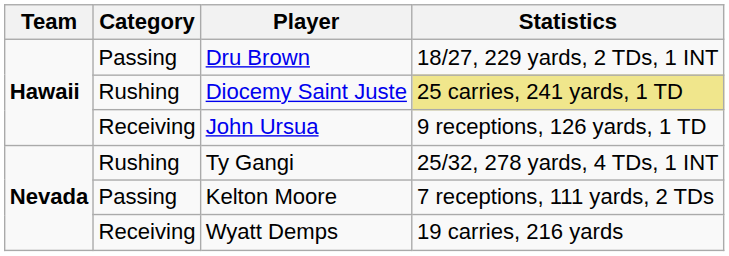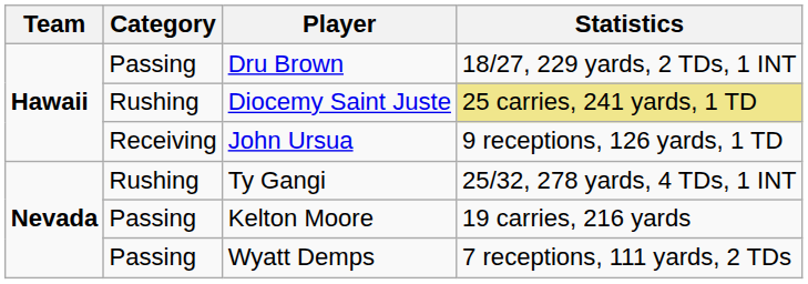 <table class="wikitable" style="float: left;">
 <tr>
 <th>Team</th>
 <th>Category</th>
 <th>Player</th>
 <th>Statistics</th>
 </tr>
 <tr>
 <td rowspan=3><strong>Hawaii</strong></td>
 <td>Passing</td>
 <td><a href='#'>Dru Brown</a></td>
 <td>18/27, 229 yards, 2 TDs, 1 INT</td>
 </tr>
 <tr>
 <td>Rushing</td>
 <td><a href='#'>Diocemy Saint Juste</a></td>
 <td style="background: khaki;">25 carries, 241 yards, 1 TD</td>
 </tr>
 <tr>
 <td>Receiving</td>
 <td><a href='#'>John Ursua</a></td>
 <td>9 receptions, 126 yards, 1 TD</td>
 </tr>
 <tr>
 <td rowspan=3><strong>Nevada</strong></td>
 <td>Rushing</td>
 <td>Ty Gangi</td>
 <td>25/32, 278 yards, 4 TDs, 1 INT</td>
 </tr>
 <tr>
 <td>Passing</td>
 <td>Kelton Moore</td>
+<td>19 carries, 216 yards</td>
+</tr>
+<tr>
+<td>Passing</td>
+<td>Wyatt Demps</td>
 <td>7 receptions, 111 yards, 2 TDs</td>
 </tr>
-<tr>
-<td>Receiving</td>
-<td>Wyatt Demps</td>
-<td>19 carries, 216 yards</td>
-</tr>
 </table>
